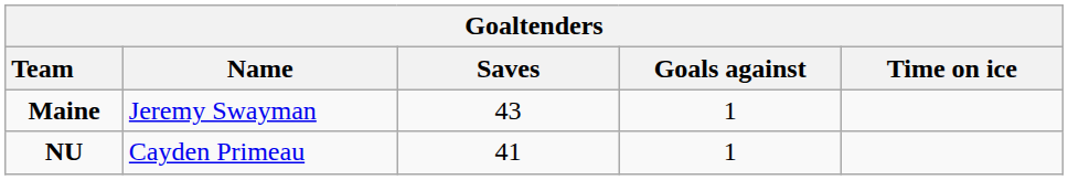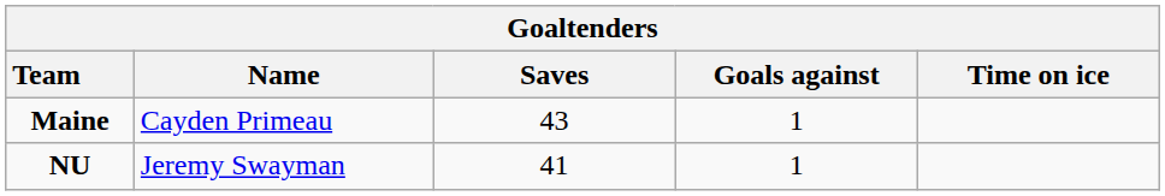 <table class="wikitable" style="width:40em; text-align:right;">
 <tr>
 <th colspan=5>Goaltenders</th>
 </tr>
 <tr>
 <th style="width:4em; text-align:left;">Team</th>
 <th style="width:10em;">Name</th>
 <th style="width:8em;">Saves</th>
 <th style="width:8em;">Goals against</th>
 <th style="width:8em;">Time on ice</th>
 </tr>
 <tr>
 <td align=center><strong>Maine</strong></td>
-<td style="text-align:left;"><a href='#'>Jeremy Swayman</a></td>
+<td style="text-align:left;"><a href='#'>Cayden Primeau</a></td>
 <td align=center>43</td>
 <td align=center>1</td>
 <td align=center></td>
 </tr>
 <tr>
 <td align=center><strong>NU</strong></td>
-<td style="text-align:left;"><a href='#'>Cayden Primeau</a></td>
+<td style="text-align:left;"><a href='#'>Jeremy Swayman</a></td>
 <td align=center>41</td>
 <td align=center>1</td>
 <td align=center></td>
 </tr>
 </table>
